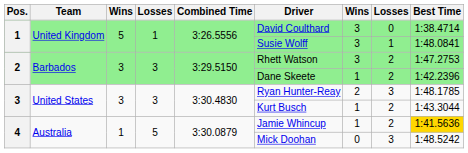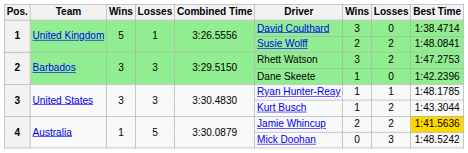 <table class="wikitable">
 <tr>
 <th>Pos.</th>
 <th>Team</th>
 <th>Wins</th>
 <th>Losses</th>
 <th>Combined Time</th>
 <th>Driver</th>
 <th>Wins</th>
 <th>Losses</th>
 <th>Best Time</th>
 </tr>
 <tr style="background:lightgreen;">
 <th rowspan=2>1</th>
 <td rowspan=2> <a href='#'>United Kingdom</a></td>
 <td rowspan="2" style="text-align:center;">5</td>
 <td rowspan="2" style="text-align:center;">1</td>
 <td rowspan="2" style="text-align:center;">3:26.5556</td>
 <td> <a href='#'>David Coulthard</a></td>
 <td style="text-align:center;">3</td>
 <td style="text-align:center;">0</td>
 <td style="text-align:center;">1:38.4714</td>
 </tr>
 <tr style="background:lightgreen;">
 <td> <a href='#'>Susie Wolff</a></td>
-<td style="text-align:center;">3</td>
-<td style="text-align:center;">1</td>
+<td style="text-align:center;">2</td>
+<td style="text-align:center;">2</td>
 <td style="text-align:center;">1:48.0841</td>
 </tr>
 <tr style="background:lightgreen;">
 <th rowspan=2>2</th>
 <td rowspan=2> <a href='#'>Barbados</a></td>
 <td rowspan="2" style="text-align:center;">3</td>
 <td rowspan="2" style="text-align:center;">3</td>
 <td rowspan="2" style="text-align:center;">3:29.5150</td>
 <td> Rhett Watson</td>
 <td style="text-align:center;">3</td>
 <td style="text-align:center;">2</td>
 <td style="text-align:center;">1:47.2753</td>
 </tr>
 <tr style="background:lightgreen;">
 <td> Dane Skeete</td>
 <td style="text-align:center;">1</td>
-<td style="text-align:center;">2</td>
+<td style="text-align:center;">0</td>
 <td style="text-align:center;">1:42.2396</td>
 </tr>
 <tr>
 <th rowspan=2>3</th>
 <td rowspan=2> <a href='#'>United States</a></td>
 <td rowspan="2" style="text-align:center;">3</td>
 <td rowspan="2" style="text-align:center;">3</td>
 <td rowspan="2" style="text-align:center;">3:30.4830</td>
 <td> <a href='#'>Ryan Hunter-Reay</a></td>
-<td style="text-align:center;">2</td>
-<td style="text-align:center;">3</td>
+<td style="text-align:center;">1</td>
+<td style="text-align:center;">1</td>
 <td style="text-align:center;">1:48.1785</td>
 </tr>
 <tr>
 <td> <a href='#'>Kurt Busch</a></td>
 <td style="text-align:center;">1</td>
 <td style="text-align:center;">2</td>
 <td style="text-align:center;">1:43.3044</td>
 </tr>
 <tr>
 <th rowspan=2>4</th>
 <td rowspan=2> <a href='#'>Australia</a></td>
 <td rowspan="2" style="text-align:center;">1</td>
 <td rowspan="2" style="text-align:center;">5</td>
 <td rowspan="2" style="text-align:center;">3:30.0879</td>
 <td> <a href='#'>Jamie Whincup</a></td>
-<td style="text-align:center;">1</td>
+<td style="text-align:center;">2</td>
 <td style="text-align:center;">2</td>
 <td style="background: gold; text-align:center;">1:41.5636</td>
 </tr>
 <tr>
 <td> <a href='#'>Mick Doohan</a></td>
 <td style="text-align:center;">0</td>
 <td style="text-align:center;">3</td>
 <td style="text-align:center;">1:48.5242</td>
 </tr>
 </table>
